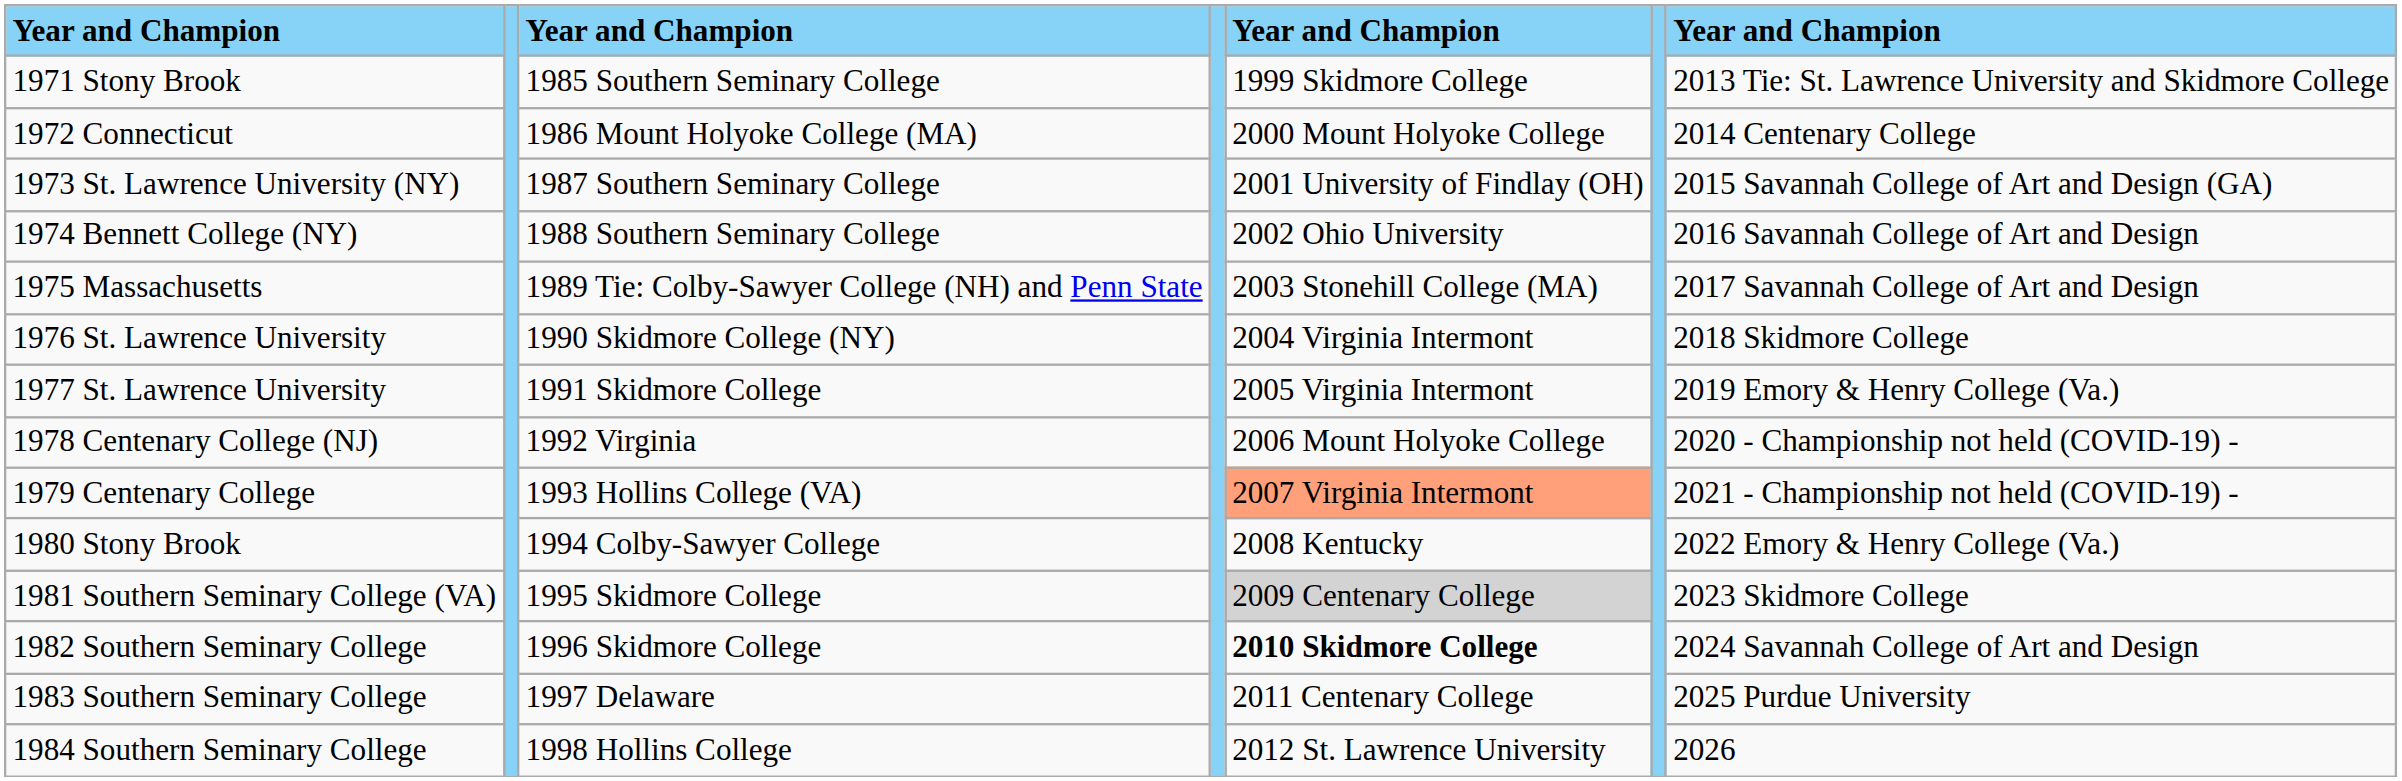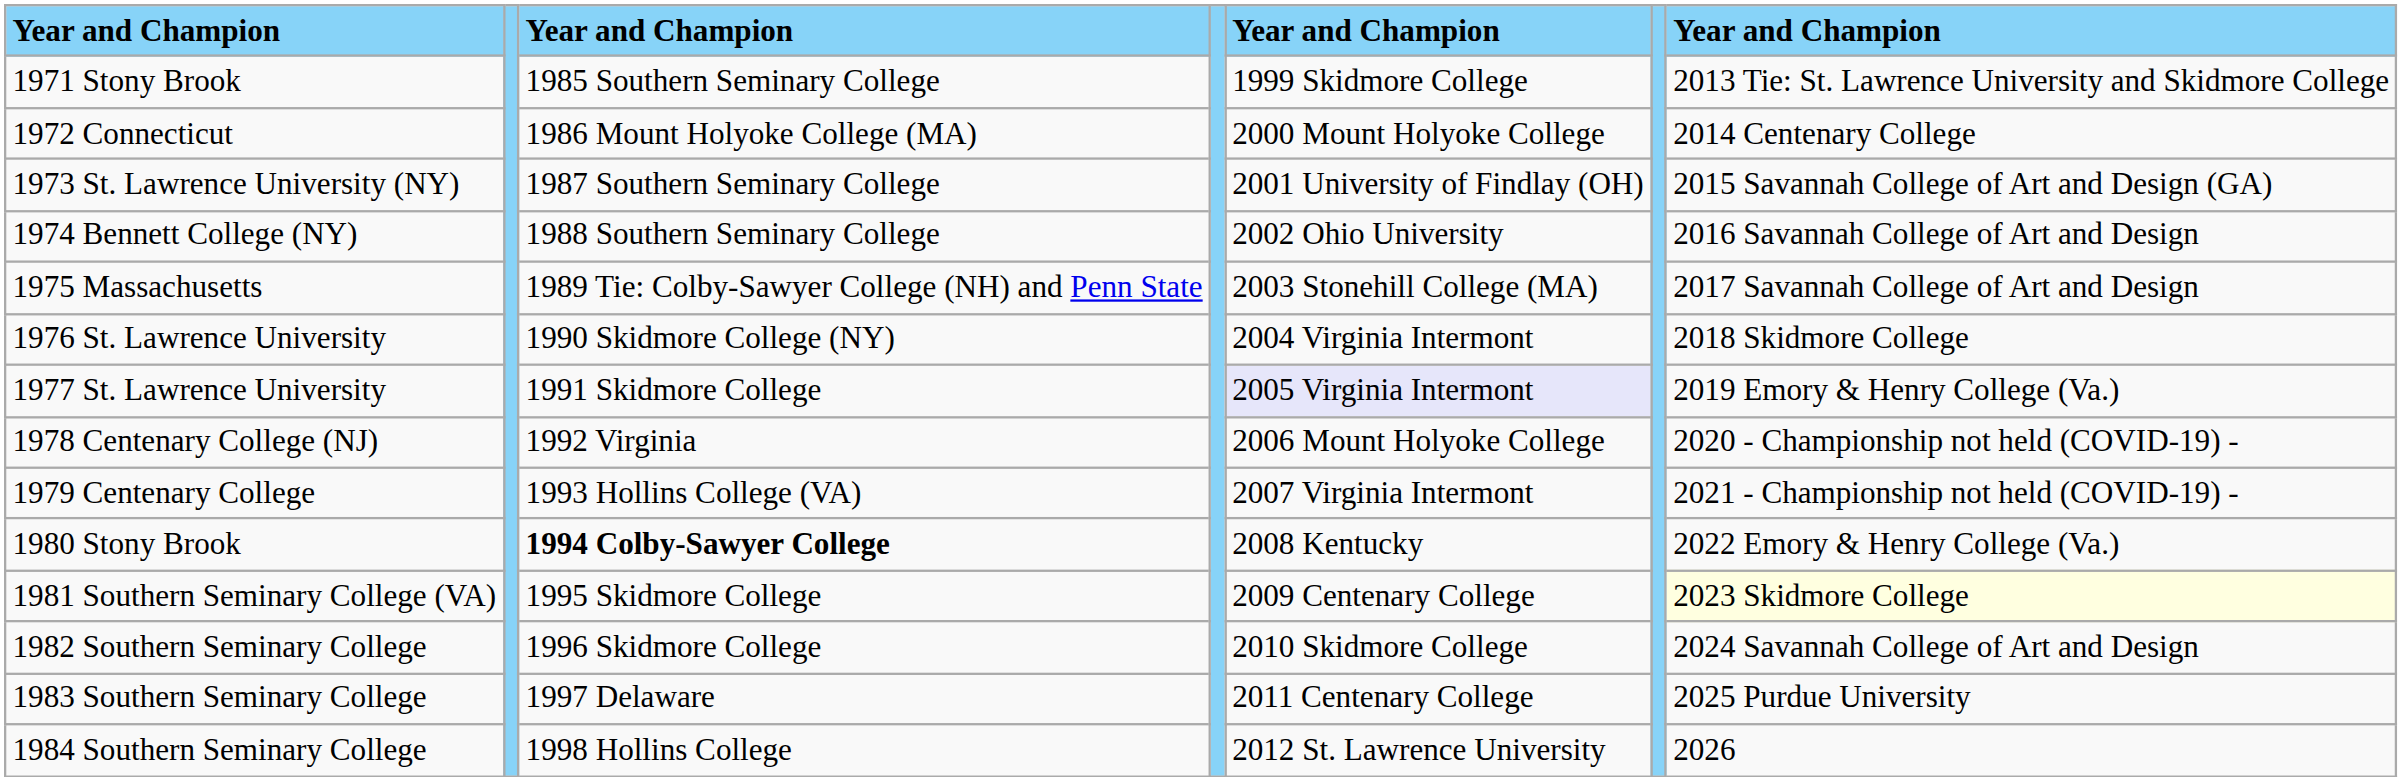 <table class="wikitable" style="font-size:85%;">
 <tr ! style="background-color: #87D3F8;">
 <td><strong>Year and Champion</strong></td>
 <td rowspan=15></td>
 <td><strong>Year and Champion</strong></td>
 <td rowspan=15></td>
 <td><strong>Year and Champion</strong></td>
 <td rowspan=15></td>
 <td><strong>Year and Champion</strong></td>
 </tr>
 <tr --->
 <td>1971 Stony Brook</td>
 <td>1985 Southern Seminary College</td>
 <td>1999 Skidmore College</td>
 <td>2013 Tie: St. Lawrence University and Skidmore College</td>
 </tr>
 <tr --->
 <td>1972 Connecticut</td>
 <td>1986 Mount Holyoke College (MA)</td>
 <td>2000 Mount Holyoke College</td>
 <td>2014 Centenary College</td>
 </tr>
 <tr --->
 <td>1973 St. Lawrence University (NY)</td>
 <td>1987 Southern Seminary College</td>
 <td>2001 University of Findlay (OH)</td>
 <td>2015 Savannah College of Art and Design (GA)</td>
 </tr>
 <tr --->
 <td>1974 Bennett College (NY)</td>
 <td>1988 Southern Seminary College</td>
 <td>2002 Ohio University</td>
 <td>2016 Savannah College of Art and Design</td>
 </tr>
 <tr --->
 <td>1975 Massachusetts</td>
 <td>1989 Tie: Colby-Sawyer College (NH) and <a href='#'>Penn State</a></td>
 <td>2003 Stonehill College (MA)</td>
 <td>2017 Savannah College of Art and Design</td>
 </tr>
 <tr --->
 <td>1976 St. Lawrence University</td>
 <td>1990 Skidmore College (NY)</td>
 <td>2004 Virginia Intermont</td>
 <td>2018 Skidmore College</td>
 </tr>
 <tr --->
 <td>1977 St. Lawrence University</td>
 <td>1991 Skidmore College</td>
-<td>2005 Virginia Intermont</td>
+<td style="background: lavender;">2005 Virginia Intermont</td>
 <td>2019 Emory & Henry College (Va.)</td>
 </tr>
 <tr --->
 <td>1978 Centenary College (NJ)</td>
 <td>1992 Virginia</td>
 <td>2006 Mount Holyoke College</td>
 <td>2020 - Championship not held (COVID-19) -</td>
 </tr>
 <tr --->
 <td>1979 Centenary College</td>
 <td>1993 Hollins College (VA)</td>
-<td style="background: lightsalmon;">2007 Virginia Intermont</td>
+<td>2007 Virginia Intermont</td>
 <td>2021 - Championship not held (COVID-19) -</td>
 </tr>
 <tr --->
 <td>1980 Stony Brook</td>
-<td>1994 Colby-Sawyer College</td>
+<td><strong>1994 Colby-Sawyer College</strong></td>
 <td>2008 Kentucky</td>
 <td>2022 Emory & Henry College (Va.)</td>
 </tr>
 <tr --->
 <td>1981 Southern Seminary College (VA)</td>
 <td>1995 Skidmore College</td>
-<td style="background: lightgrey;">2009 Centenary College</td>
-<td>2023 Skidmore College</td>
+<td>2009 Centenary College</td>
+<td style="background: lightyellow;">2023 Skidmore College</td>
 </tr>
 <tr --->
 <td>1982 Southern Seminary College</td>
 <td>1996 Skidmore College</td>
-<td><strong>2010 Skidmore College</strong></td>
+<td>2010 Skidmore College</td>
 <td>2024 Savannah College of Art and Design</td>
 </tr>
 <tr --->
 <td>1983 Southern Seminary College</td>
 <td>1997 Delaware</td>
 <td>2011 Centenary College</td>
 <td>2025 Purdue University</td>
 </tr>
 <tr --->
 <td>1984 Southern Seminary College</td>
 <td>1998 Hollins College</td>
 <td>2012 St. Lawrence University</td>
 <td>2026</td>
 </tr>
 <tr --->
 </tr>
 </table>
